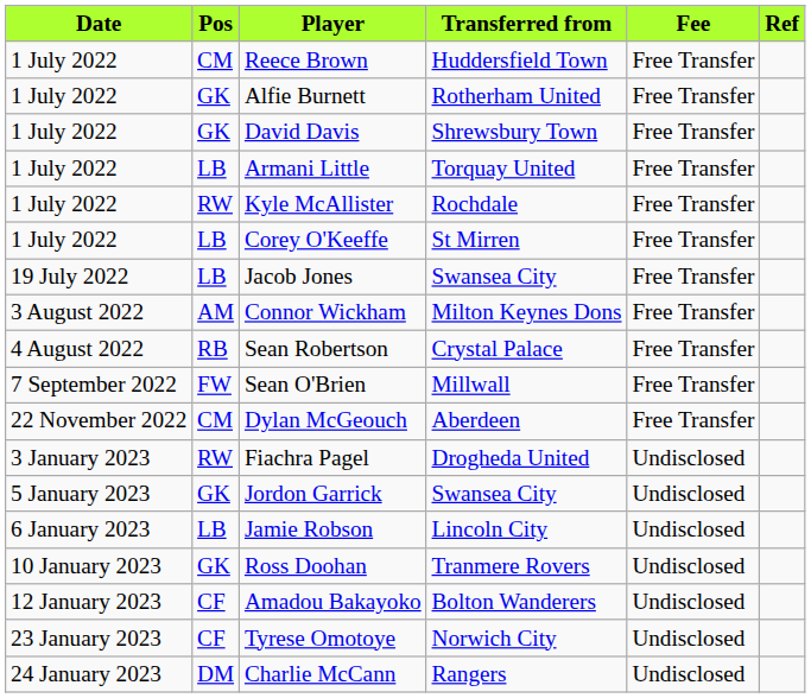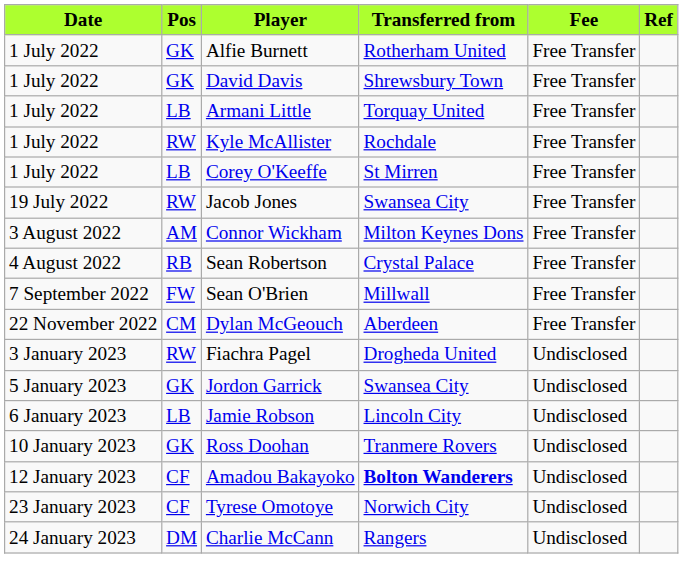 <table class="wikitable plainrowheaders sortable">
 <tr>
 <th style="background:#ADFF2F; color:#000000; ">Date</th>
 <th style="background:#ADFF2F; color:#000000; ">Pos</th>
 <th style="background:#ADFF2F; color:#000000; ">Player</th>
 <th style="background:#ADFF2F; color:#000000; ">Transferred from</th>
 <th style="background:#ADFF2F; color:#000000; ">Fee</th>
 <th style="background:#ADFF2F; color:#000000; ">Ref</th>
-</tr>
-<tr>
-<td>1 July 2022</td>
-<td><a href='#'>CM</a></td>
-<td> <a href='#'>Reece Brown</a></td>
-<td> <a href='#'>Huddersfield Town</a></td>
-<td>Free Transfer</td>
-<td></td>
 </tr>
 <tr>
 <td>1 July 2022</td>
 <td><a href='#'>GK</a></td>
 <td> Alfie Burnett</td>
 <td> <a href='#'>Rotherham United</a></td>
 <td>Free Transfer</td>
 <td></td>
 </tr>
 <tr>
 <td>1 July 2022</td>
 <td><a href='#'>GK</a></td>
 <td> <a href='#'>David Davis</a></td>
 <td> <a href='#'>Shrewsbury Town</a></td>
 <td>Free Transfer</td>
 <td></td>
 </tr>
 <tr>
 <td>1 July 2022</td>
 <td><a href='#'>LB</a></td>
 <td> <a href='#'>Armani Little</a></td>
 <td> <a href='#'>Torquay United</a></td>
 <td>Free Transfer</td>
 <td></td>
 </tr>
 <tr>
 <td>1 July 2022</td>
 <td><a href='#'>RW</a></td>
 <td> <a href='#'>Kyle McAllister</a></td>
 <td> <a href='#'>Rochdale</a></td>
 <td>Free Transfer</td>
 <td></td>
 </tr>
 <tr>
 <td>1 July 2022</td>
 <td><a href='#'>LB</a></td>
 <td> <a href='#'>Corey O'Keeffe</a></td>
 <td> <a href='#'>St Mirren</a></td>
 <td>Free Transfer</td>
 <td></td>
 </tr>
 <tr>
 <td>19 July 2022</td>
-<td><a href='#'>LB</a></td>
+<td><a href='#'>RW</a></td>
 <td> Jacob Jones</td>
 <td> <a href='#'>Swansea City</a></td>
 <td>Free Transfer</td>
 <td></td>
 </tr>
 <tr>
 <td>3 August 2022</td>
 <td><a href='#'>AM</a></td>
 <td> <a href='#'>Connor Wickham</a></td>
 <td> <a href='#'>Milton Keynes Dons</a></td>
 <td>Free Transfer</td>
 <td></td>
 </tr>
 <tr>
 <td>4 August 2022</td>
 <td><a href='#'>RB</a></td>
 <td> Sean Robertson</td>
 <td> <a href='#'>Crystal Palace</a></td>
 <td>Free Transfer</td>
 <td></td>
 </tr>
 <tr>
 <td>7 September 2022</td>
 <td><a href='#'>FW</a></td>
 <td> Sean O'Brien</td>
 <td> <a href='#'>Millwall</a></td>
 <td>Free Transfer</td>
 <td></td>
 </tr>
 <tr>
 <td>22 November 2022</td>
 <td><a href='#'>CM</a></td>
 <td> <a href='#'>Dylan McGeouch</a></td>
 <td> <a href='#'>Aberdeen</a></td>
 <td>Free Transfer</td>
 <td></td>
 </tr>
 <tr>
 <td>3 January 2023</td>
 <td><a href='#'>RW</a></td>
 <td> Fiachra Pagel</td>
 <td> <a href='#'>Drogheda United</a></td>
 <td>Undisclosed</td>
 <td></td>
 </tr>
 <tr>
 <td>5 January 2023</td>
 <td><a href='#'>GK</a></td>
 <td> <a href='#'>Jordon Garrick</a></td>
 <td> <a href='#'>Swansea City</a></td>
 <td>Undisclosed</td>
 <td></td>
 </tr>
 <tr>
 <td>6 January 2023</td>
 <td><a href='#'>LB</a></td>
 <td> <a href='#'>Jamie Robson</a></td>
 <td> <a href='#'>Lincoln City</a></td>
 <td>Undisclosed</td>
 <td></td>
 </tr>
 <tr>
 <td>10 January 2023</td>
 <td><a href='#'>GK</a></td>
 <td> <a href='#'>Ross Doohan</a></td>
 <td> <a href='#'>Tranmere Rovers</a></td>
 <td>Undisclosed</td>
 <td></td>
 </tr>
 <tr>
 <td>12 January 2023</td>
 <td><a href='#'>CF</a></td>
 <td> <a href='#'>Amadou Bakayoko</a></td>
-<td> <a href='#'>Bolton Wanderers</a></td>
+<td><strong> <a href='#'>Bolton Wanderers</a></strong></td>
 <td>Undisclosed</td>
 <td></td>
 </tr>
 <tr>
 <td>23 January 2023</td>
 <td><a href='#'>CF</a></td>
 <td> <a href='#'>Tyrese Omotoye</a></td>
 <td> <a href='#'>Norwich City</a></td>
 <td>Undisclosed</td>
 <td></td>
 </tr>
 <tr>
 <td>24 January 2023</td>
 <td><a href='#'>DM</a></td>
 <td> <a href='#'>Charlie McCann</a></td>
 <td> <a href='#'>Rangers</a></td>
 <td>Undisclosed</td>
 <td></td>
 </tr>
 </table>
